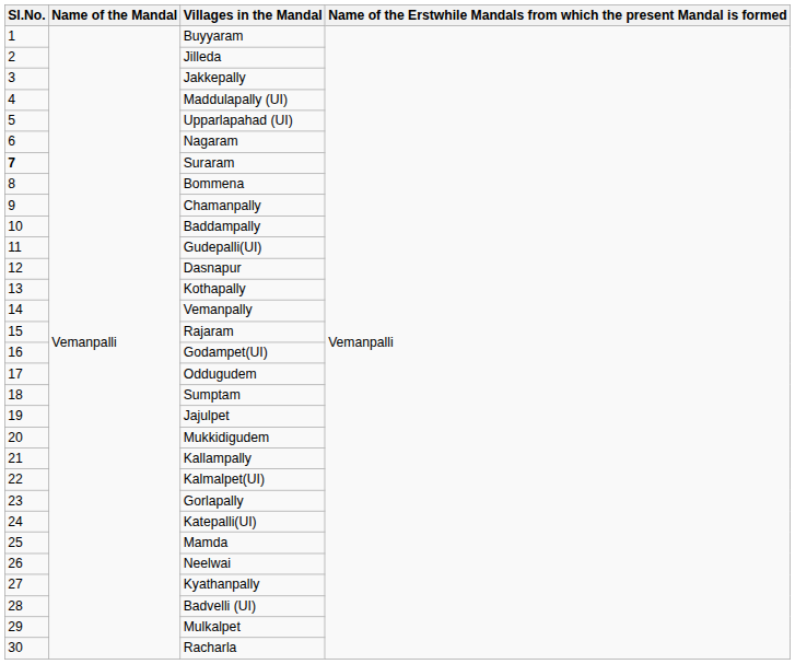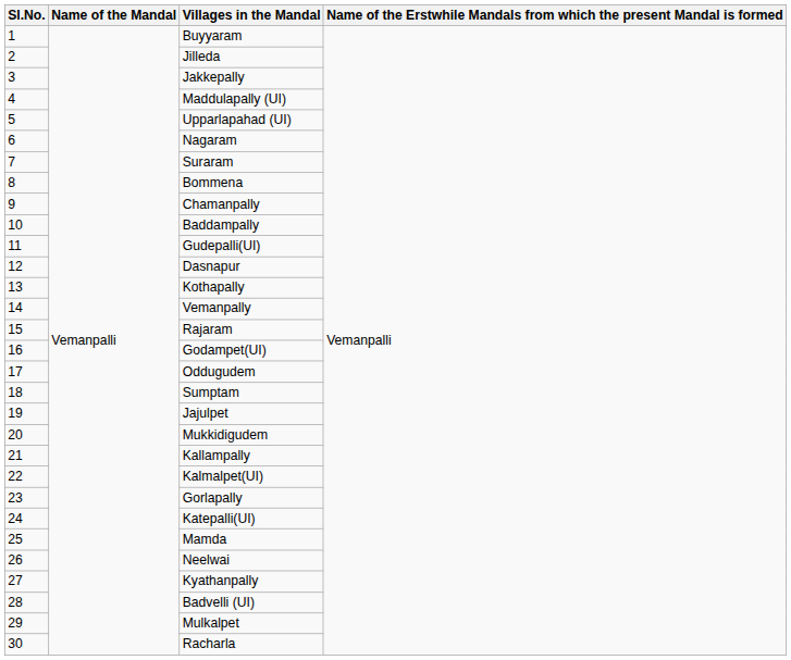 <table class="wikitable">
 <tr>
 <th>Sl.No.</th>
 <th>Name of the Mandal</th>
 <th>Villages in the Mandal</th>
 <th>Name of the Erstwhile Mandals from which the present Mandal is formed</th>
 </tr>
 <tr>
 <td>1</td>
 <td rowspan="30">Vemanpalli</td>
 <td>Buyyaram</td>
 <td rowspan="30">Vemanpalli</td>
 </tr>
 <tr>
 <td>2</td>
 <td>Jilleda</td>
 </tr>
 <tr>
 <td>3</td>
 <td>Jakkepally</td>
 </tr>
 <tr>
 <td>4</td>
 <td>Maddulapally (UI)</td>
 </tr>
 <tr>
 <td>5</td>
 <td>Upparlapahad (UI)</td>
 </tr>
 <tr>
 <td>6</td>
 <td>Nagaram</td>
 </tr>
 <tr>
-<td><strong>7</strong></td>
+<td>7</td>
 <td>Suraram</td>
 </tr>
 <tr>
 <td>8</td>
 <td>Bommena</td>
 </tr>
 <tr>
 <td>9</td>
 <td>Chamanpally</td>
 </tr>
 <tr>
 <td>10</td>
 <td>Baddampally</td>
 </tr>
 <tr>
 <td>11</td>
 <td>Gudepalli(UI)</td>
 </tr>
 <tr>
 <td>12</td>
 <td>Dasnapur</td>
 </tr>
 <tr>
 <td>13</td>
 <td>Kothapally</td>
 </tr>
 <tr>
 <td>14</td>
 <td>Vemanpally</td>
 </tr>
 <tr>
 <td>15</td>
 <td>Rajaram</td>
 </tr>
 <tr>
 <td>16</td>
 <td>Godampet(UI)</td>
 </tr>
 <tr>
 <td>17</td>
 <td>Oddugudem</td>
 </tr>
 <tr>
 <td>18</td>
 <td>Sumptam</td>
 </tr>
 <tr>
 <td>19</td>
 <td>Jajulpet</td>
 </tr>
 <tr>
 <td>20</td>
 <td>Mukkidigudem</td>
 </tr>
 <tr>
 <td>21</td>
 <td>Kallampally</td>
 </tr>
 <tr>
 <td>22</td>
 <td>Kalmalpet(UI)</td>
 </tr>
 <tr>
 <td>23</td>
 <td>Gorlapally</td>
 </tr>
 <tr>
 <td>24</td>
 <td>Katepalli(UI)</td>
 </tr>
 <tr>
 <td>25</td>
 <td>Mamda</td>
 </tr>
 <tr>
 <td>26</td>
 <td>Neelwai</td>
 </tr>
 <tr>
 <td>27</td>
 <td>Kyathanpally</td>
 </tr>
 <tr>
 <td>28</td>
 <td>Badvelli (UI)</td>
 </tr>
 <tr>
 <td>29</td>
 <td>Mulkalpet</td>
 </tr>
 <tr>
 <td>30</td>
 <td>Racharla</td>
 </tr>
 </table>
